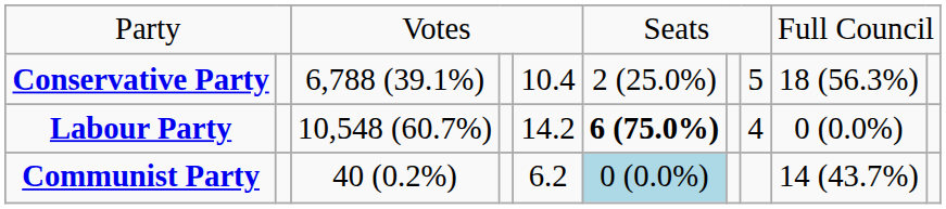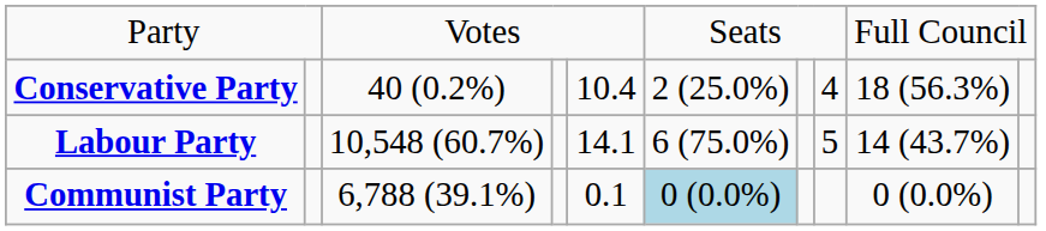 <table class=wikitable style="text-align:center;">
 <tr>
 <td colspan=2>Party</td>
 <td colspan=3>Votes</td>
 <td colspan=3>Seats</td>
 <td colspan=3>Full Council</td>
 </tr>
 <tr>
 <td><strong><a href='#'>Conservative Party</a></strong></td>
 <td style="background:"></td>
-<td>6,788 (39.1%)</td>
+<td>40 (0.2%)</td>
 <td></td>
 <td> 10.4</td>
 <td>2 (25.0%)</td>
 <td></td>
-<td> 5</td>
+<td> 4</td>
 <td>18 (56.3%)</td>
 <td></td>
 </tr>
 <tr>
 <td><strong><a href='#'>Labour Party</a></strong></td>
 <td style="background:"></td>
 <td>10,548 (60.7%)</td>
 <td></td>
-<td> 14.2</td>
-<td><strong>6 (75.0%)</strong></td>
+<td> 14.1</td>
+<td>6 (75.0%)</td>
 <td></td>
-<td> 4</td>
-<td>0 (0.0%)</td>
+<td> 5</td>
+<td>14 (43.7%)</td>
 <td></td>
 </tr>
 <tr>
 <td><strong><a href='#'>Communist Party</a></strong></td>
 <td style="background:"></td>
-<td>40 (0.2%)</td>
+<td>6,788 (39.1%)</td>
 <td></td>
-<td> 6.2</td>
+<td> 0.1</td>
 <td style="background: lightblue;">0 (0.0%)</td>
 <td></td>
 <td></td>
-<td>14 (43.7%)</td>
+<td>0 (0.0%)</td>
 <td></td>
 </tr>
 </table>
